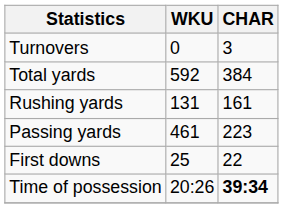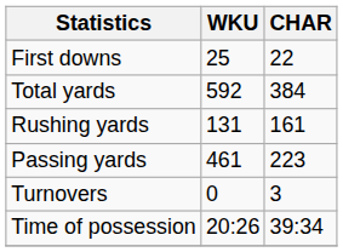 <table class="wikitable" style="float: right;">
 <tr>
 <th>Statistics</th>
 <th>WKU</th>
 <th>CHAR</th>
 </tr>
 <tr>
-<td>Turnovers</td>
-<td>0</td>
-<td>3</td>
+<td>First downs</td>
+<td>25</td>
+<td>22</td>
 </tr>
 <tr>
 <td>Total yards</td>
 <td>592</td>
 <td>384</td>
 </tr>
 <tr>
 <td>Rushing yards</td>
 <td>131</td>
 <td>161</td>
 </tr>
 <tr>
 <td>Passing yards</td>
 <td>461</td>
 <td>223</td>
 </tr>
 <tr>
-<td>First downs</td>
-<td>25</td>
-<td>22</td>
+<td>Turnovers</td>
+<td>0</td>
+<td>3</td>
 </tr>
 <tr>
 <td>Time of possession</td>
 <td>20:26</td>
-<td><strong>39:34</strong></td>
+<td>39:34</td>
 </tr>
 <tr>
 </tr>
 </table>
